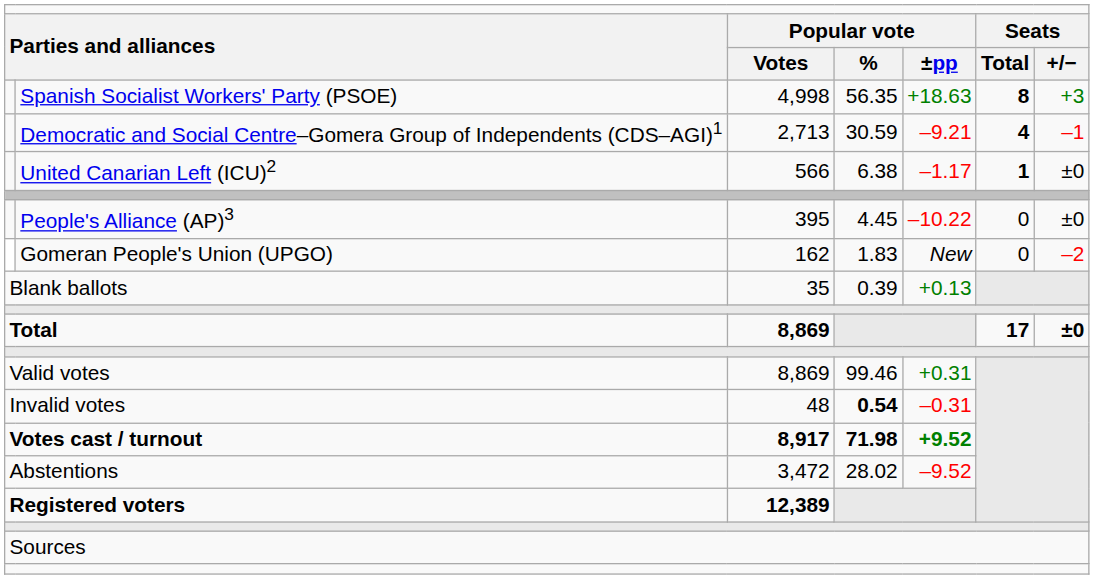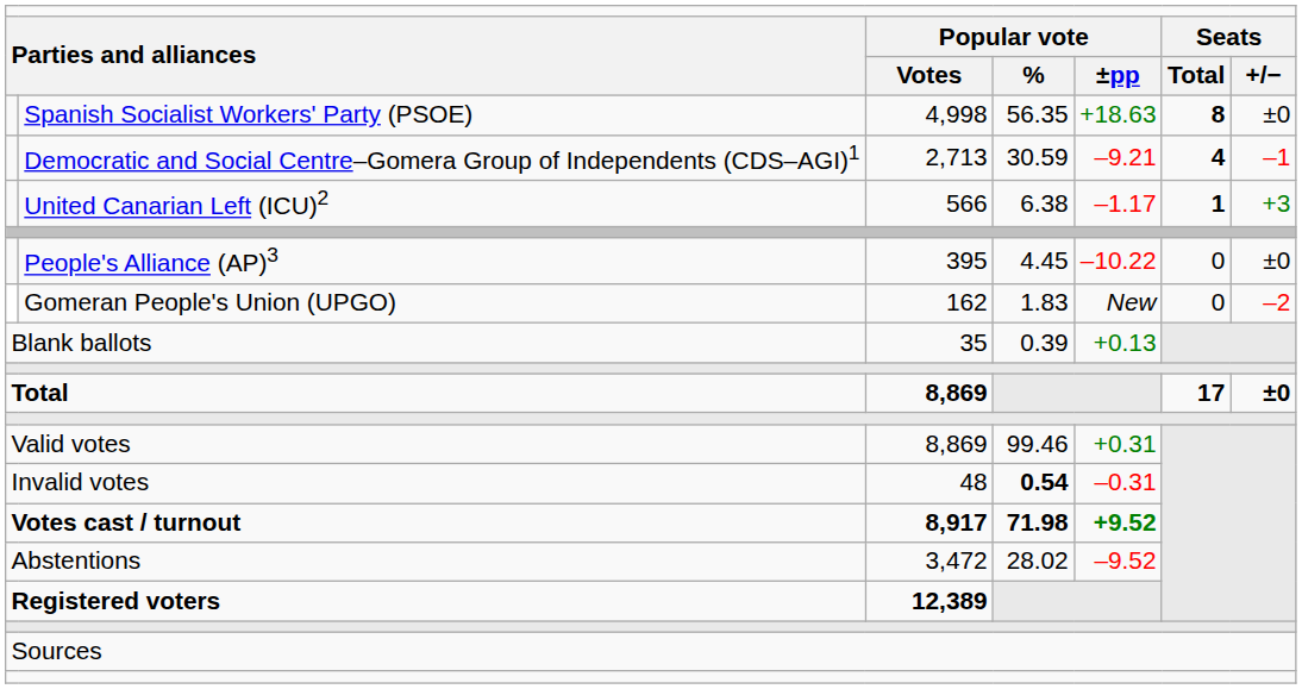 <table class="wikitable" style="text-align:right;">
 <tr>
 <td colspan="7"></td>
 </tr>
 <tr>
 <th style="text-align:left;" rowspan="2" colspan="2" width="525">Parties and alliances</th>
 <th colspan="3">Popular vote</th>
 <th colspan="2">Seats</th>
 </tr>
 <tr>
 <th width="75">Votes</th>
 <th width="45">%</th>
 <th width="45">±<a href='#'>pp</a></th>
 <th width="35">Total</th>
 <th width="35">+/−</th>
 </tr>
 <tr>
 <td width="1" style="color:inherit;background:"></td>
 <td align="left"><a href='#'>Spanish Socialist Workers' Party</a> (PSOE)</td>
 <td>4,998</td>
 <td>56.35</td>
 <td style="color:green;">+18.63</td>
 <td><strong>8</strong></td>
-<td style="color:green;">+3</td>
+<td>±0</td>
 </tr>
 <tr>
 <td style="color:inherit;background:"></td>
 <td align="left"><a href='#'>Democratic and Social Centre</a>–Gomera Group of Independents (CDS–AGI)<sup>1</sup></td>
 <td>2,713</td>
 <td>30.59</td>
 <td style="color:red;">–9.21</td>
 <td><strong>4</strong></td>
 <td style="color:red;">–1</td>
 </tr>
 <tr>
 <td style="color:inherit;background:"></td>
 <td align="left"><a href='#'>United Canarian Left</a> (ICU)<sup>2</sup></td>
 <td>566</td>
 <td>6.38</td>
 <td style="color:red;">–1.17</td>
 <td><strong>1</strong></td>
-<td>±0</td>
+<td style="color:green;">+3</td>
 </tr>
 <tr>
 <td colspan="7" bgcolor="#C0C0C0"></td>
 </tr>
 <tr>
 <td style="color:inherit;background:"></td>
 <td align="left"><a href='#'>People's Alliance</a> (AP)<sup>3</sup></td>
 <td>395</td>
 <td>4.45</td>
 <td style="color:red;">–10.22</td>
 <td>0</td>
 <td>±0</td>
 </tr>
 <tr>
 <td bgcolor="white"></td>
 <td align="left">Gomeran People's Union (UPGO)</td>
 <td>162</td>
 <td>1.83</td>
 <td><em>New</em></td>
 <td>0</td>
 <td style="color:red;">–2</td>
 </tr>
 <tr>
 <td align="left" colspan="2">Blank ballots</td>
 <td>35</td>
 <td>0.39</td>
 <td style="color:green;">+0.13</td>
 <td bgcolor="#E9E9E9" colspan="2"></td>
 </tr>
 <tr>
 <td colspan="7" bgcolor="#E9E9E9"></td>
 </tr>
 <tr style="font-weight:bold;">
 <td align="left" colspan="2">Total</td>
 <td>8,869</td>
 <td bgcolor="#E9E9E9" colspan="2"></td>
 <td>17</td>
 <td>±0</td>
 </tr>
 <tr>
 <td colspan="7" bgcolor="#E9E9E9"></td>
 </tr>
 <tr>
 <td align="left" colspan="2">Valid votes</td>
 <td>8,869</td>
 <td>99.46</td>
 <td style="color:green;">+0.31</td>
 <td bgcolor="#E9E9E9" colspan="2" rowspan="5"></td>
 </tr>
 <tr>
 <td align="left" colspan="2">Invalid votes</td>
 <td>48</td>
 <td><strong>0.54</strong></td>
 <td style="color:red;">–0.31</td>
 </tr>
 <tr style="font-weight:bold;">
 <td align="left" colspan="2">Votes cast / turnout</td>
 <td>8,917</td>
 <td>71.98</td>
 <td style="color:green;">+9.52</td>
 </tr>
 <tr>
 <td align="left" colspan="2">Abstentions</td>
 <td>3,472</td>
 <td>28.02</td>
 <td style="color:red;">–9.52</td>
 </tr>
 <tr style="font-weight:bold;">
 <td align="left" colspan="2">Registered voters</td>
 <td>12,389</td>
 <td bgcolor="#E9E9E9" colspan="2"></td>
 </tr>
 <tr>
 <td colspan="7" bgcolor="#E9E9E9"></td>
 </tr>
 <tr>
 <td align="left" colspan="7">Sources</td>
 </tr>
 <tr>
 <td colspan="7" style="text-align:left; max-width:790px;"></td>
 </tr>
 </table>
